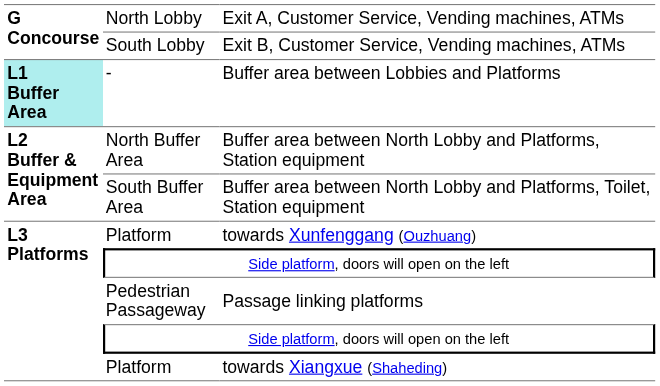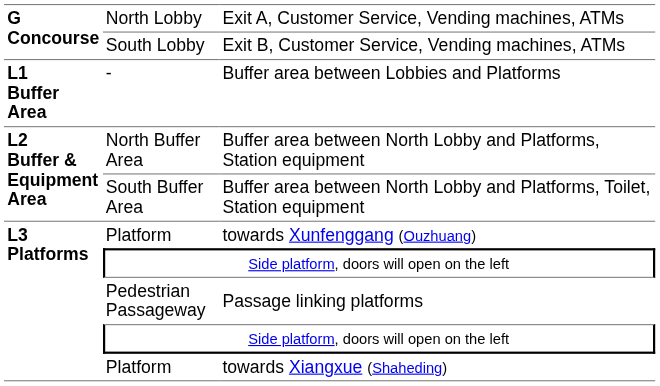 <table table border=0 cellspacing=0 cellpadding=3>
 <tr>
 <td style="border-top:solid 1px gray;" width=50 valign=top rowspan=2><strong>G<br>Concourse</strong></td>
 <td style="border-top:solid 1px gray;" width=100 valign=top>North Lobby</td>
 <td style="border-top:solid 1px gray;" width=390 valign=top>Exit A, Customer Service, Vending machines, ATMs</td>
 </tr>
 <tr>
 <td style="border-top:solid 1px gray;" width=100 valign=top>South Lobby</td>
 <td style="border-top:solid 1px gray;" width=390 valign=top>Exit B, Customer Service, Vending machines, ATMs</td>
 </tr>
 <tr>
-<td style="background: paleturquoise; border-bottom:solid 0px gray; border-top:solid 1px gray;" valign=top width=50><strong>L1<br>Buffer Area</strong></td>
+<td style="border-bottom:solid 0px gray; border-top:solid 1px gray;" valign=top width=50><strong>L1<br>Buffer Area</strong></td>
 <td style="border-bottom:solid 0px gray; border-top:solid 1px gray;" valign=top width=100>-</td>
 <td style="border-bottom:solid 0px gray; border-top:solid 1px gray;" valign=top width=390>Buffer area between Lobbies and Platforms</td>
 </tr>
 <tr>
 <td style="border-top:solid 1px gray;" width=50 valign=top rowspan=2><strong>L2<br>Buffer & Equipment Area</strong></td>
 <td style="border-top:solid 1px gray;" width=100 valign=top>North Buffer Area</td>
 <td style="border-top:solid 1px gray;" width=390 valign=top>Buffer area between North Lobby and Platforms, Station equipment</td>
 </tr>
 <tr>
 <td style="border-top:solid 1px gray;" width=100 valign=top>South Buffer Area</td>
 <td style="border-top:solid 1px gray;" width=390 valign=top>Buffer area between North Lobby and Platforms, Toilet, Station equipment</td>
 </tr>
 <tr>
 <td style="border-bottom:solid 1px gray; border-top:solid 1px gray;" valign=top width=50 rowspan=5><strong>L3<br>Platforms</strong></td>
 <td style="border-top:solid 1px gray;">Platform </td>
 <td style="border-top:solid 1px gray;">  towards <a href='#'>Xunfenggang</a> <small>(<a href='#'>Ouzhuang</a>)</small></td>
 </tr>
 <tr>
 <td style="border-right:solid 2px black;border-left:solid 2px black;border-top:solid 2px black;border-bottom:solid 1px gray;text-align:center" colspan=2><small><a href='#'>Side platform</a>, doors will open on the left</small></td>
 </tr>
 <tr>
 <td>Pedestrian Passageway</td>
 <td>Passage linking platforms</td>
 </tr>
 <tr>
 <td style="border-right:solid 2px black;border-left:solid 2px black;border-top:solid 1px gray;border-bottom:solid 2px black;text-align:center" colspan=2><small><a href='#'>Side platform</a>, doors will open on the left</small></td>
 </tr>
 <tr>
 <td style="border-bottom:solid 1px gray;">Platform </td>
 <td style="border-bottom:solid 1px gray;"> towards <a href='#'>Xiangxue</a> <small>(<a href='#'>Shaheding</a>)</small> </td>
 </tr>
 </table>
